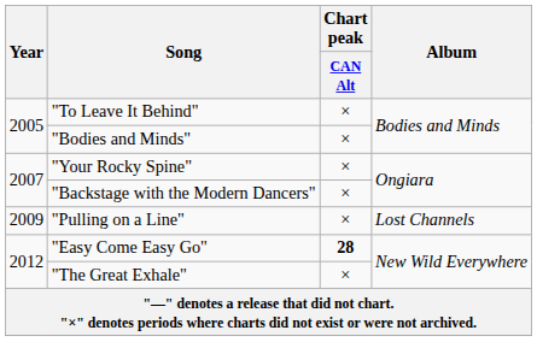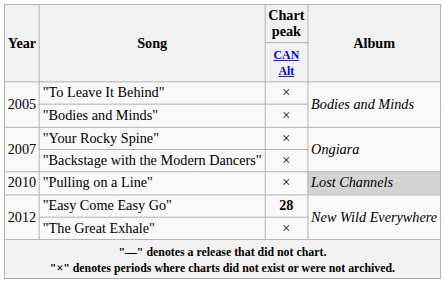 <table class="wikitable">
 <tr>
 <th rowspan="2">Year</th>
 <th rowspan="2">Song</th>
 <th colspan="1">Chart peak</th>
 <th rowspan="2">Album</th>
 </tr>
 <tr>
 <th width="40"><small><a href='#'>CAN<br>Alt</a></small><br></th>
 </tr>
 <tr>
 <td rowspan="2">2005</td>
 <td>"To Leave It Behind"</td>
 <td align="center">×</td>
 <td rowspan="2"><em>Bodies and Minds</em></td>
 </tr>
 <tr>
 <td>"Bodies and Minds"</td>
 <td align="center">×</td>
 </tr>
 <tr>
 <td rowspan="2">2007</td>
 <td>"Your Rocky Spine"</td>
 <td align="center">×</td>
 <td rowspan="2"><em>Ongiara</em></td>
 </tr>
 <tr>
 <td>"Backstage with the Modern Dancers"</td>
 <td align="center">×</td>
 </tr>
 <tr>
-<td rowspan="1">2009</td>
+<td rowspan="1">2010</td>
 <td>"Pulling on a Line"</td>
 <td align="center">×</td>
-<td rowspan="1"><em>Lost Channels</em></td>
+<td rowspan="1" style="background: lightgrey;"><em>Lost Channels</em></td>
 </tr>
 <tr>
 <td rowspan="2">2012</td>
 <td>"Easy Come Easy Go"</td>
 <td align="center"><strong>28</strong></td>
 <td rowspan="2"><em>New Wild Everywhere</em></td>
 </tr>
 <tr>
 <td>"The Great Exhale"</td>
 <td align="center">×</td>
 </tr>
 <tr>
 <th colspan="10"><small>"—" denotes a release that did not chart.<br>"×" denotes periods where charts did not exist or were not archived.</small></th>
 </tr>
 <tr>
 </tr>
 </table>
